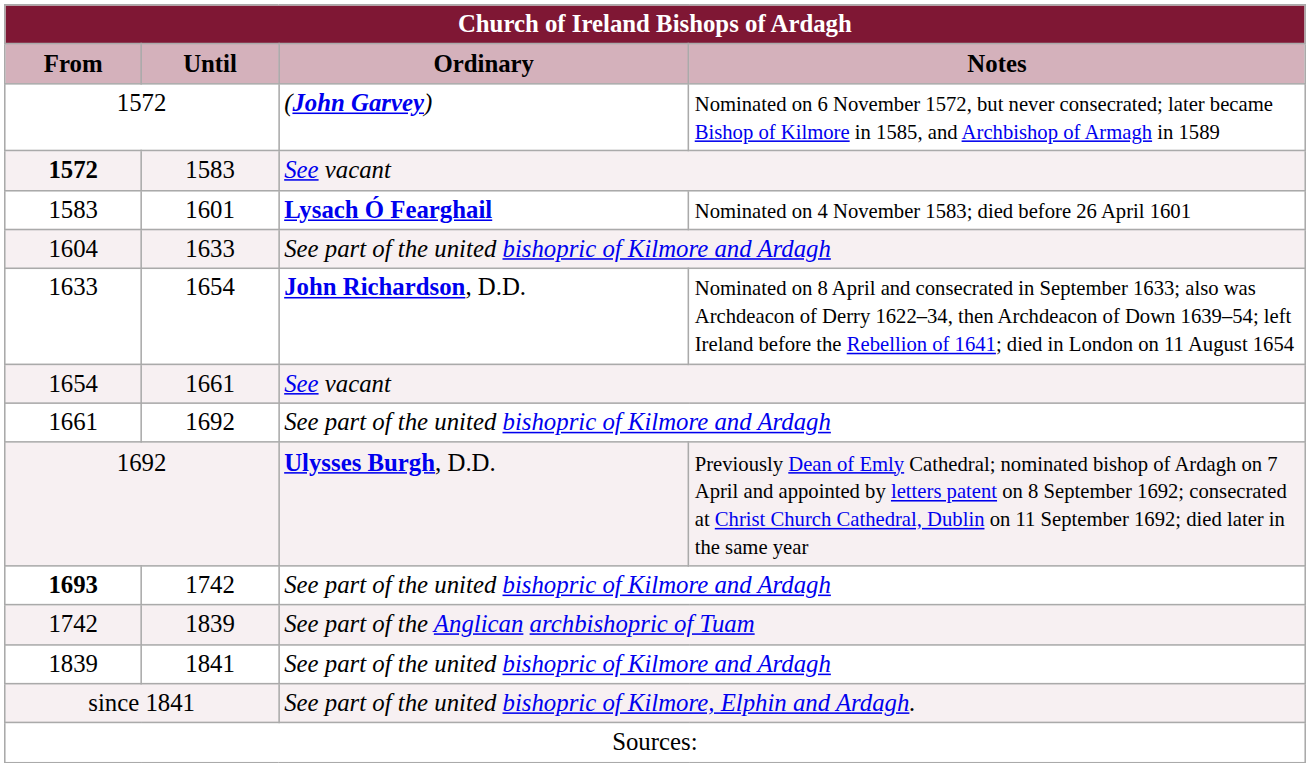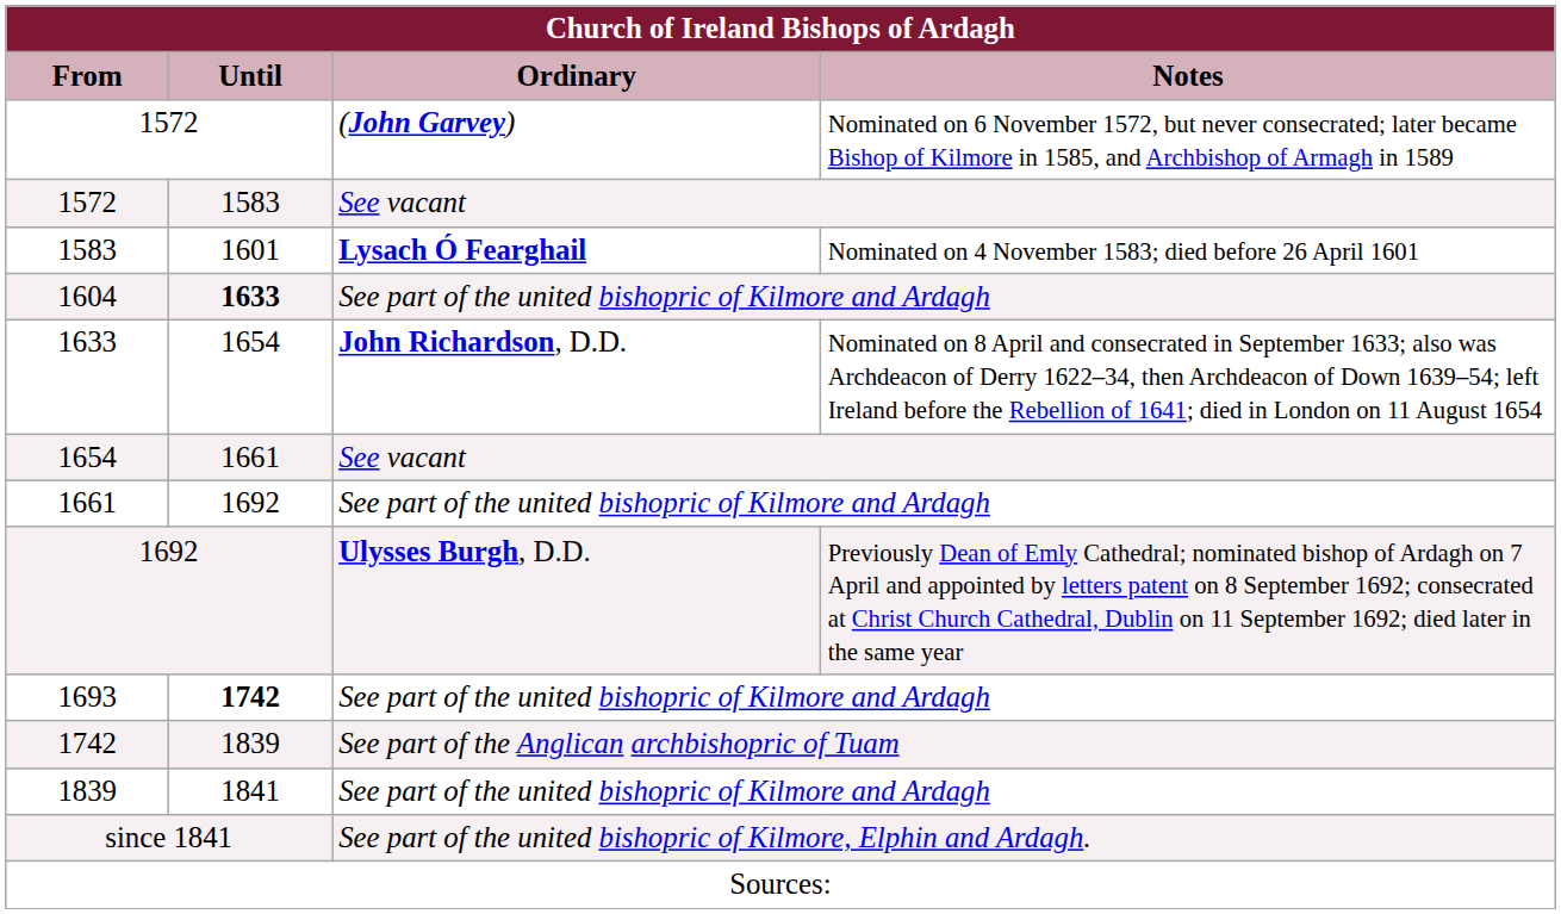 <table class="wikitable" style="width:95%;" border="1" cellpadding="2">
 <tr>
 <th colspan="4" style="background-color: #7F1734; color: white;">Church of Ireland Bishops of Ardagh</th>
 </tr>
 <tr align=center>
 <th style="background-color: #D4B1BB; width: 10%;">From</th>
 <th style="background-color: #D4B1BB; width: 10%;">Until</th>
 <th style="background-color: #D4B1BB; width: 30%;">Ordinary</th>
 <th style="background-color: #D4B1BB; width: 45%;">Notes</th>
 </tr>
 <tr valign=top bgcolor="white">
 <td colspan=2 align=center>1572</td>
 <td><em>(<strong><a href='#'>John Garvey</a></strong>)</em></td>
 <td><small>Nominated on 6 November 1572, but never consecrated; later became <a href='#'>Bishop of Kilmore</a> in 1585, and <a href='#'>Archbishop of Armagh</a> in 1589</small></td>
 </tr>
 <tr valign=top bgcolor="#F7F0F2">
-<td align=center><strong>1572</strong></td>
+<td align=center>1572</td>
 <td align=center>1583</td>
 <td colspan=2><em><a href='#'>See</a> vacant</em></td>
 </tr>
 <tr valign=top bgcolor="white">
 <td align=center>1583</td>
 <td align=center>1601</td>
 <td><strong><a href='#'>Lysach Ó Fearghail</a></strong></td>
 <td><small>Nominated on 4 November 1583; died before 26 April 1601</small></td>
 </tr>
 <tr valign=top bgcolor="#F7F0F2">
 <td align=center>1604</td>
-<td align=center>1633</td>
+<td align=center><strong>1633</strong></td>
 <td colspan=2><em>See part of the united <a href='#'>bishopric of Kilmore and Ardagh</a></em></td>
 </tr>
 <tr valign=top bgcolor="white">
 <td align=center>1633</td>
 <td align=center>1654</td>
 <td><strong><a href='#'>John Richardson</a></strong>, D.D.</td>
 <td><small>Nominated on 8 April and consecrated in September 1633; also was Archdeacon of Derry 1622–34, then Archdeacon of Down 1639–54; left Ireland before the <a href='#'>Rebellion of 1641</a>; died in London on 11 August 1654</small></td>
 </tr>
 <tr valign=top bgcolor="#F7F0F2">
 <td align=center>1654</td>
 <td align=center>1661</td>
 <td colspan=2><em><a href='#'>See</a> vacant</em></td>
 </tr>
 <tr valign=top bgcolor="white">
 <td align=center>1661</td>
 <td align=center>1692</td>
 <td colspan=2><em>See part of the united <a href='#'>bishopric of Kilmore and Ardagh</a></em></td>
 </tr>
 <tr valign=top bgcolor="#F7F0F2">
 <td colspan=2 align=center>1692</td>
 <td><strong><a href='#'>Ulysses Burgh</a></strong>, D.D.</td>
 <td><small>Previously <a href='#'>Dean of Emly</a> Cathedral; nominated bishop of Ardagh on 7 April and appointed by <a href='#'>letters patent</a> on 8 September 1692; consecrated at <a href='#'>Christ Church Cathedral, Dublin</a> on 11 September 1692; died later in the same year</small></td>
 </tr>
 <tr valign=top bgcolor="white">
-<td align=center><strong>1693</strong></td>
-<td align=center>1742</td>
+<td align=center>1693</td>
+<td align=center><strong>1742</strong></td>
 <td colspan=2><em>See part of the united <a href='#'>bishopric of Kilmore and Ardagh</a></em></td>
 </tr>
 <tr valign=top bgcolor="#F7F0F2">
 <td align=center>1742</td>
 <td align=center>1839</td>
 <td colspan=2><em>See part of the <a href='#'>Anglican</a> <a href='#'>archbishopric of Tuam</a></em></td>
 </tr>
 <tr valign=top bgcolor="white">
 <td align=center>1839</td>
 <td align=center>1841</td>
 <td colspan=2><em>See part of the united <a href='#'>bishopric of Kilmore and Ardagh</a></em></td>
 </tr>
 <tr valign=top bgcolor="#F7F0F2">
 <td colspan=2 align=center>since 1841</td>
 <td colspan=2><em>See part of the united <a href='#'>bishopric of Kilmore, Elphin and Ardagh</a>.</em></td>
 </tr>
 <tr valign=top bgcolor="white">
 <td colspan="4" style="text-align: center;">Sources:</td>
 </tr>
 </table>
